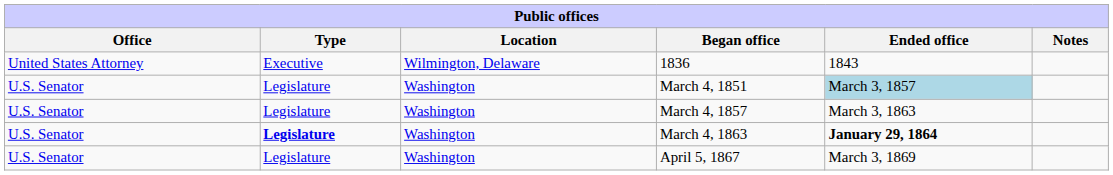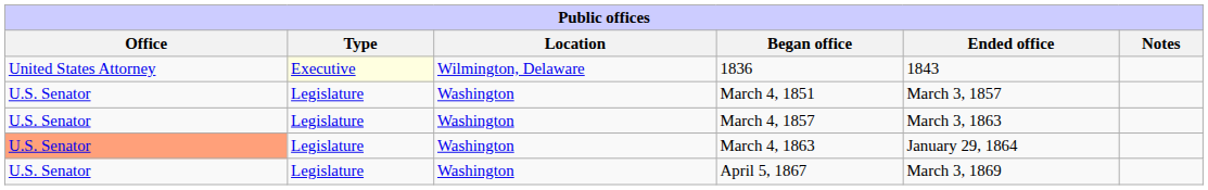 <table class=wikitable style="width: 94%" style="text-align: center;" align="center">
 <tr bgcolor=#cccccc>
 <th colspan=8 style="background: #ccccff;">Public offices</th>
 </tr>
 <tr>
 <th><strong>Office</strong></th>
 <th><strong>Type</strong></th>
 <th><strong>Location</strong></th>
 <th><strong>Began office</strong></th>
 <th><strong>Ended office</strong></th>
 <th><strong>Notes</strong></th>
 </tr>
 <tr>
 <td><a href='#'>United States Attorney</a></td>
-<td><a href='#'>Executive</a></td>
+<td style="background: lightyellow;"><a href='#'>Executive</a></td>
 <td><a href='#'>Wilmington, Delaware</a></td>
 <td>1836</td>
 <td>1843</td>
 <td></td>
 </tr>
 <tr>
 <td><a href='#'>U.S. Senator</a></td>
 <td><a href='#'>Legislature</a></td>
 <td><a href='#'>Washington</a></td>
 <td>March 4, 1851</td>
-<td style="background: lightblue;">March 3, 1857</td>
+<td>March 3, 1857</td>
 <td></td>
 </tr>
 <tr>
 <td><a href='#'>U.S. Senator</a></td>
 <td><a href='#'>Legislature</a></td>
 <td><a href='#'>Washington</a></td>
 <td>March 4, 1857</td>
 <td>March 3, 1863</td>
 <td></td>
 </tr>
 <tr>
-<td><a href='#'>U.S. Senator</a></td>
-<td><strong><a href='#'>Legislature</a></strong></td>
+<td style="background: lightsalmon;"><a href='#'>U.S. Senator</a></td>
+<td><a href='#'>Legislature</a></td>
 <td><a href='#'>Washington</a></td>
 <td>March 4, 1863</td>
-<td><strong>January 29, 1864</strong></td>
+<td>January 29, 1864</td>
 <td></td>
 </tr>
 <tr>
 <td><a href='#'>U.S. Senator</a></td>
 <td><a href='#'>Legislature</a></td>
 <td><a href='#'>Washington</a></td>
 <td>April 5, 1867</td>
 <td>March 3, 1869</td>
 <td></td>
 </tr>
 </table>
